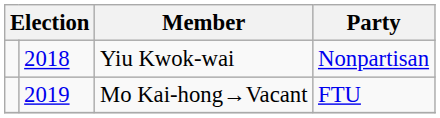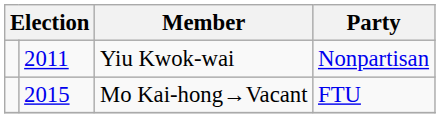 <table class="wikitable">
 <tr>
 <th colspan="2">Election</th>
 <th>Member</th>
 <th>Party</th>
 </tr>
 <tr>
 <td style="background-color: "></td>
-<td><a href='#'>2018</a></td>
+<td><a href='#'>2011</a></td>
 <td>Yiu Kwok-wai</td>
 <td><a href='#'>Nonpartisan</a></td>
 </tr>
 <tr>
 <td style="background-color: "></td>
-<td><a href='#'>2019</a></td>
+<td><a href='#'>2015</a></td>
 <td>Mo Kai-hong→Vacant</td>
 <td><a href='#'>FTU</a></td>
 </tr>
 <tr>
 </tr>
 </table>
